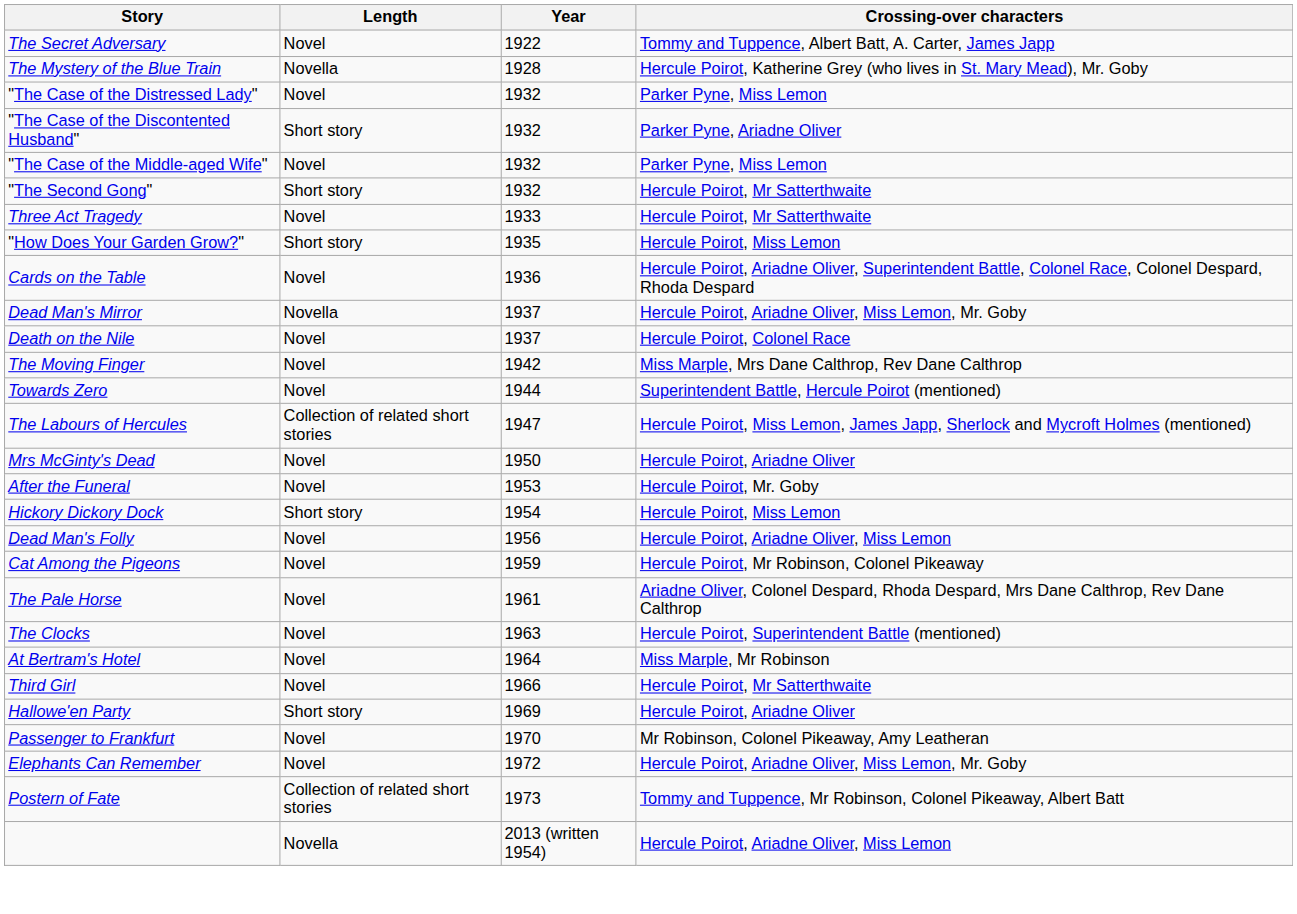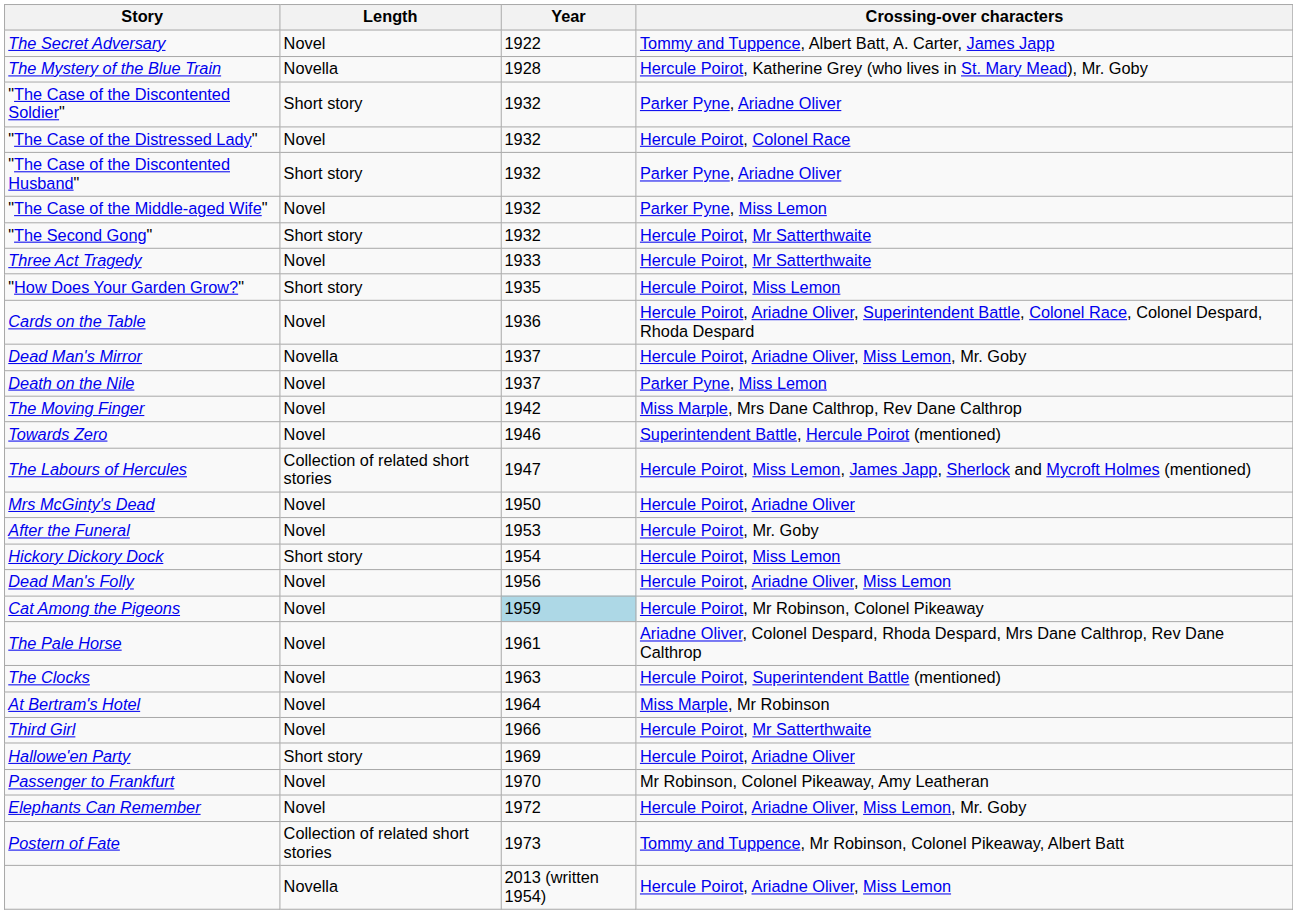 <table class="sortable wikitable" style="width:100%; left:0 auto; text-align:left;">
 <tr>
 <th>Story</th>
 <th>Length</th>
 <th>Year</th>
 <th>Crossing-over characters</th>
 </tr>
 <tr>
 <td><em><a href='#'>The Secret Adversary</a></em></td>
 <td>Novel</td>
 <td>1922</td>
 <td><a href='#'>Tommy and Tuppence</a>, Albert Batt, A. Carter, <a href='#'>James Japp</a></td>
 </tr>
 <tr>
 <td><em><a href='#'>The Mystery of the Blue Train</a></em></td>
 <td>Novella</td>
 <td>1928</td>
 <td><a href='#'>Hercule Poirot</a>, Katherine Grey (who lives in <a href='#'>St. Mary Mead</a>), Mr. Goby</td>
 </tr>
 <tr>
+<td>"<a href='#'>The Case of the Discontented Soldier</a>"</td>
+<td>Short story</td>
+<td>1932</td>
+<td><a href='#'>Parker Pyne</a>, <a href='#'>Ariadne Oliver</a></td>
+</tr>
+<tr>
 <td>"<a href='#'>The Case of the Distressed Lady</a>"</td>
 <td>Novel</td>
 <td>1932</td>
-<td><a href='#'>Parker Pyne</a>, <a href='#'>Miss Lemon</a></td>
+<td><a href='#'>Hercule Poirot</a>, <a href='#'>Colonel Race</a></td>
 </tr>
 <tr>
 <td>"<a href='#'>The Case of the Discontented Husband</a>"</td>
 <td>Short story</td>
 <td>1932</td>
 <td><a href='#'>Parker Pyne</a>, <a href='#'>Ariadne Oliver</a></td>
 </tr>
 <tr>
 <td>"<a href='#'>The Case of the Middle-aged Wife</a>"</td>
 <td>Novel</td>
 <td>1932</td>
 <td><a href='#'>Parker Pyne</a>, <a href='#'>Miss Lemon</a></td>
 </tr>
 <tr>
 <td>"<a href='#'>The Second Gong</a>"</td>
 <td>Short story</td>
 <td>1932</td>
 <td><a href='#'>Hercule Poirot</a>, <a href='#'>Mr Satterthwaite</a></td>
 </tr>
 <tr>
 <td><em><a href='#'>Three Act Tragedy</a></em></td>
 <td>Novel</td>
 <td>1933</td>
 <td><a href='#'>Hercule Poirot</a>, <a href='#'>Mr Satterthwaite</a></td>
 </tr>
 <tr>
 <td>"<a href='#'>How Does Your Garden Grow?</a>"</td>
 <td>Short story</td>
 <td>1935</td>
 <td><a href='#'>Hercule Poirot</a>, <a href='#'>Miss Lemon</a></td>
 </tr>
 <tr>
 <td><em><a href='#'>Cards on the Table</a></em></td>
 <td>Novel</td>
 <td>1936</td>
 <td><a href='#'>Hercule Poirot</a>, <a href='#'>Ariadne Oliver</a>, <a href='#'>Superintendent Battle</a>, <a href='#'>Colonel Race</a>, Colonel Despard, Rhoda Despard</td>
 </tr>
 <tr>
 <td><em><a href='#'>Dead Man's Mirror</a></em></td>
 <td>Novella</td>
 <td>1937</td>
 <td><a href='#'>Hercule Poirot</a>, <a href='#'>Ariadne Oliver</a>, <a href='#'>Miss Lemon</a>, Mr. Goby<br></td>
 </tr>
 <tr>
 <td><em><a href='#'>Death on the Nile</a></em></td>
 <td>Novel</td>
 <td>1937</td>
-<td><a href='#'>Hercule Poirot</a>, <a href='#'>Colonel Race</a></td>
+<td><a href='#'>Parker Pyne</a>, <a href='#'>Miss Lemon</a></td>
 </tr>
 <tr>
 <td><em><a href='#'>The Moving Finger</a></em></td>
 <td>Novel</td>
 <td>1942</td>
 <td><a href='#'>Miss Marple</a>, Mrs Dane Calthrop, Rev Dane Calthrop</td>
 </tr>
 <tr>
 <td><em><a href='#'>Towards Zero</a></em></td>
 <td>Novel</td>
-<td>1944</td>
+<td>1946</td>
 <td><a href='#'>Superintendent Battle</a>, <a href='#'>Hercule Poirot</a> (mentioned)</td>
 </tr>
 <tr>
 <td><em><a href='#'>The Labours of Hercules</a></em></td>
 <td>Collection of related short stories</td>
 <td>1947</td>
 <td><a href='#'>Hercule Poirot</a>, <a href='#'>Miss Lemon</a>, <a href='#'>James Japp</a>, <a href='#'>Sherlock</a> and <a href='#'>Mycroft Holmes</a> (mentioned)</td>
 </tr>
 <tr>
 <td><em><a href='#'>Mrs McGinty's Dead</a></em></td>
 <td>Novel</td>
 <td>1950</td>
 <td><a href='#'>Hercule Poirot</a>, <a href='#'>Ariadne Oliver</a></td>
 </tr>
 <tr>
 <td><em><a href='#'>After the Funeral</a></em></td>
 <td>Novel</td>
 <td>1953</td>
 <td><a href='#'>Hercule Poirot</a>, Mr. Goby</td>
 </tr>
 <tr>
 <td><em><a href='#'>Hickory Dickory Dock</a></em></td>
 <td>Short story</td>
 <td>1954</td>
 <td><a href='#'>Hercule Poirot</a>, <a href='#'>Miss Lemon</a></td>
 </tr>
 <tr>
 <td><em><a href='#'>Dead Man's Folly</a></em></td>
 <td>Novel</td>
 <td>1956</td>
 <td><a href='#'>Hercule Poirot</a>, <a href='#'>Ariadne Oliver</a>, <a href='#'>Miss Lemon</a></td>
 </tr>
 <tr>
 <td><em><a href='#'>Cat Among the Pigeons</a></em></td>
 <td>Novel</td>
-<td>1959</td>
+<td style="background: lightblue;">1959</td>
 <td><a href='#'>Hercule Poirot</a>, Mr Robinson, Colonel Pikeaway</td>
 </tr>
 <tr>
 <td><em><a href='#'>The Pale Horse</a></em></td>
 <td>Novel</td>
 <td>1961</td>
 <td><a href='#'>Ariadne Oliver</a>, Colonel Despard, Rhoda Despard, Mrs Dane Calthrop, Rev Dane Calthrop</td>
 </tr>
 <tr>
 <td><em><a href='#'>The Clocks</a></em></td>
 <td>Novel</td>
 <td>1963</td>
 <td><a href='#'>Hercule Poirot</a>, <a href='#'>Superintendent Battle</a> (mentioned)</td>
 </tr>
 <tr>
 <td><em><a href='#'>At Bertram's Hotel</a></em></td>
 <td>Novel</td>
 <td>1964</td>
 <td><a href='#'>Miss Marple</a>, Mr Robinson</td>
 </tr>
 <tr>
 <td><em><a href='#'>Third Girl</a></em></td>
 <td>Novel</td>
 <td>1966</td>
 <td><a href='#'>Hercule Poirot</a>, <a href='#'>Mr Satterthwaite</a></td>
 </tr>
 <tr>
 <td><em><a href='#'>Hallowe'en Party</a></em></td>
 <td>Short story</td>
 <td>1969</td>
 <td><a href='#'>Hercule Poirot</a>, <a href='#'>Ariadne Oliver</a></td>
 </tr>
 <tr>
 <td><em><a href='#'>Passenger to Frankfurt</a></em></td>
 <td>Novel</td>
 <td>1970</td>
 <td>Mr Robinson, Colonel Pikeaway, Amy Leatheran</td>
 </tr>
 <tr>
 <td><em><a href='#'>Elephants Can Remember</a></em></td>
 <td>Novel</td>
 <td>1972</td>
 <td><a href='#'>Hercule Poirot</a>, <a href='#'>Ariadne Oliver</a>, <a href='#'>Miss Lemon</a>, Mr. Goby</td>
 </tr>
 <tr>
 <td><em><a href='#'>Postern of Fate</a></em></td>
 <td>Collection of related short stories</td>
 <td>1973</td>
 <td><a href='#'>Tommy and Tuppence</a>, Mr Robinson, Colonel Pikeaway, Albert Batt</td>
 </tr>
 <tr>
 <td><em></em></td>
 <td>Novella</td>
 <td>2013 (written 1954)</td>
 <td><a href='#'>Hercule Poirot</a>, <a href='#'>Ariadne Oliver</a>, <a href='#'>Miss Lemon</a></td>
 </tr>
 </table>
